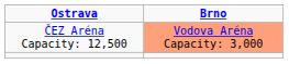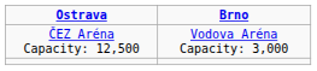 <table class="wikitable" style="text-align:center;">
 <tr>
 <td width=40%><strong><a href='#'>Ostrava</a></strong></td>
 <td width=40%><strong><a href='#'>Brno</a></strong></td>
 </tr>
 <tr>
 <td><a href='#'>ČEZ Aréna</a><br>Capacity: 12,500</td>
-<td style="background: lightsalmon;"><a href='#'>Vodova Aréna</a><br>Capacity: 3,000</td>
+<td><a href='#'>Vodova Aréna</a><br>Capacity: 3,000</td>
 </tr>
 <tr>
 <td></td>
 <td></td>
 </tr>
 </table>
